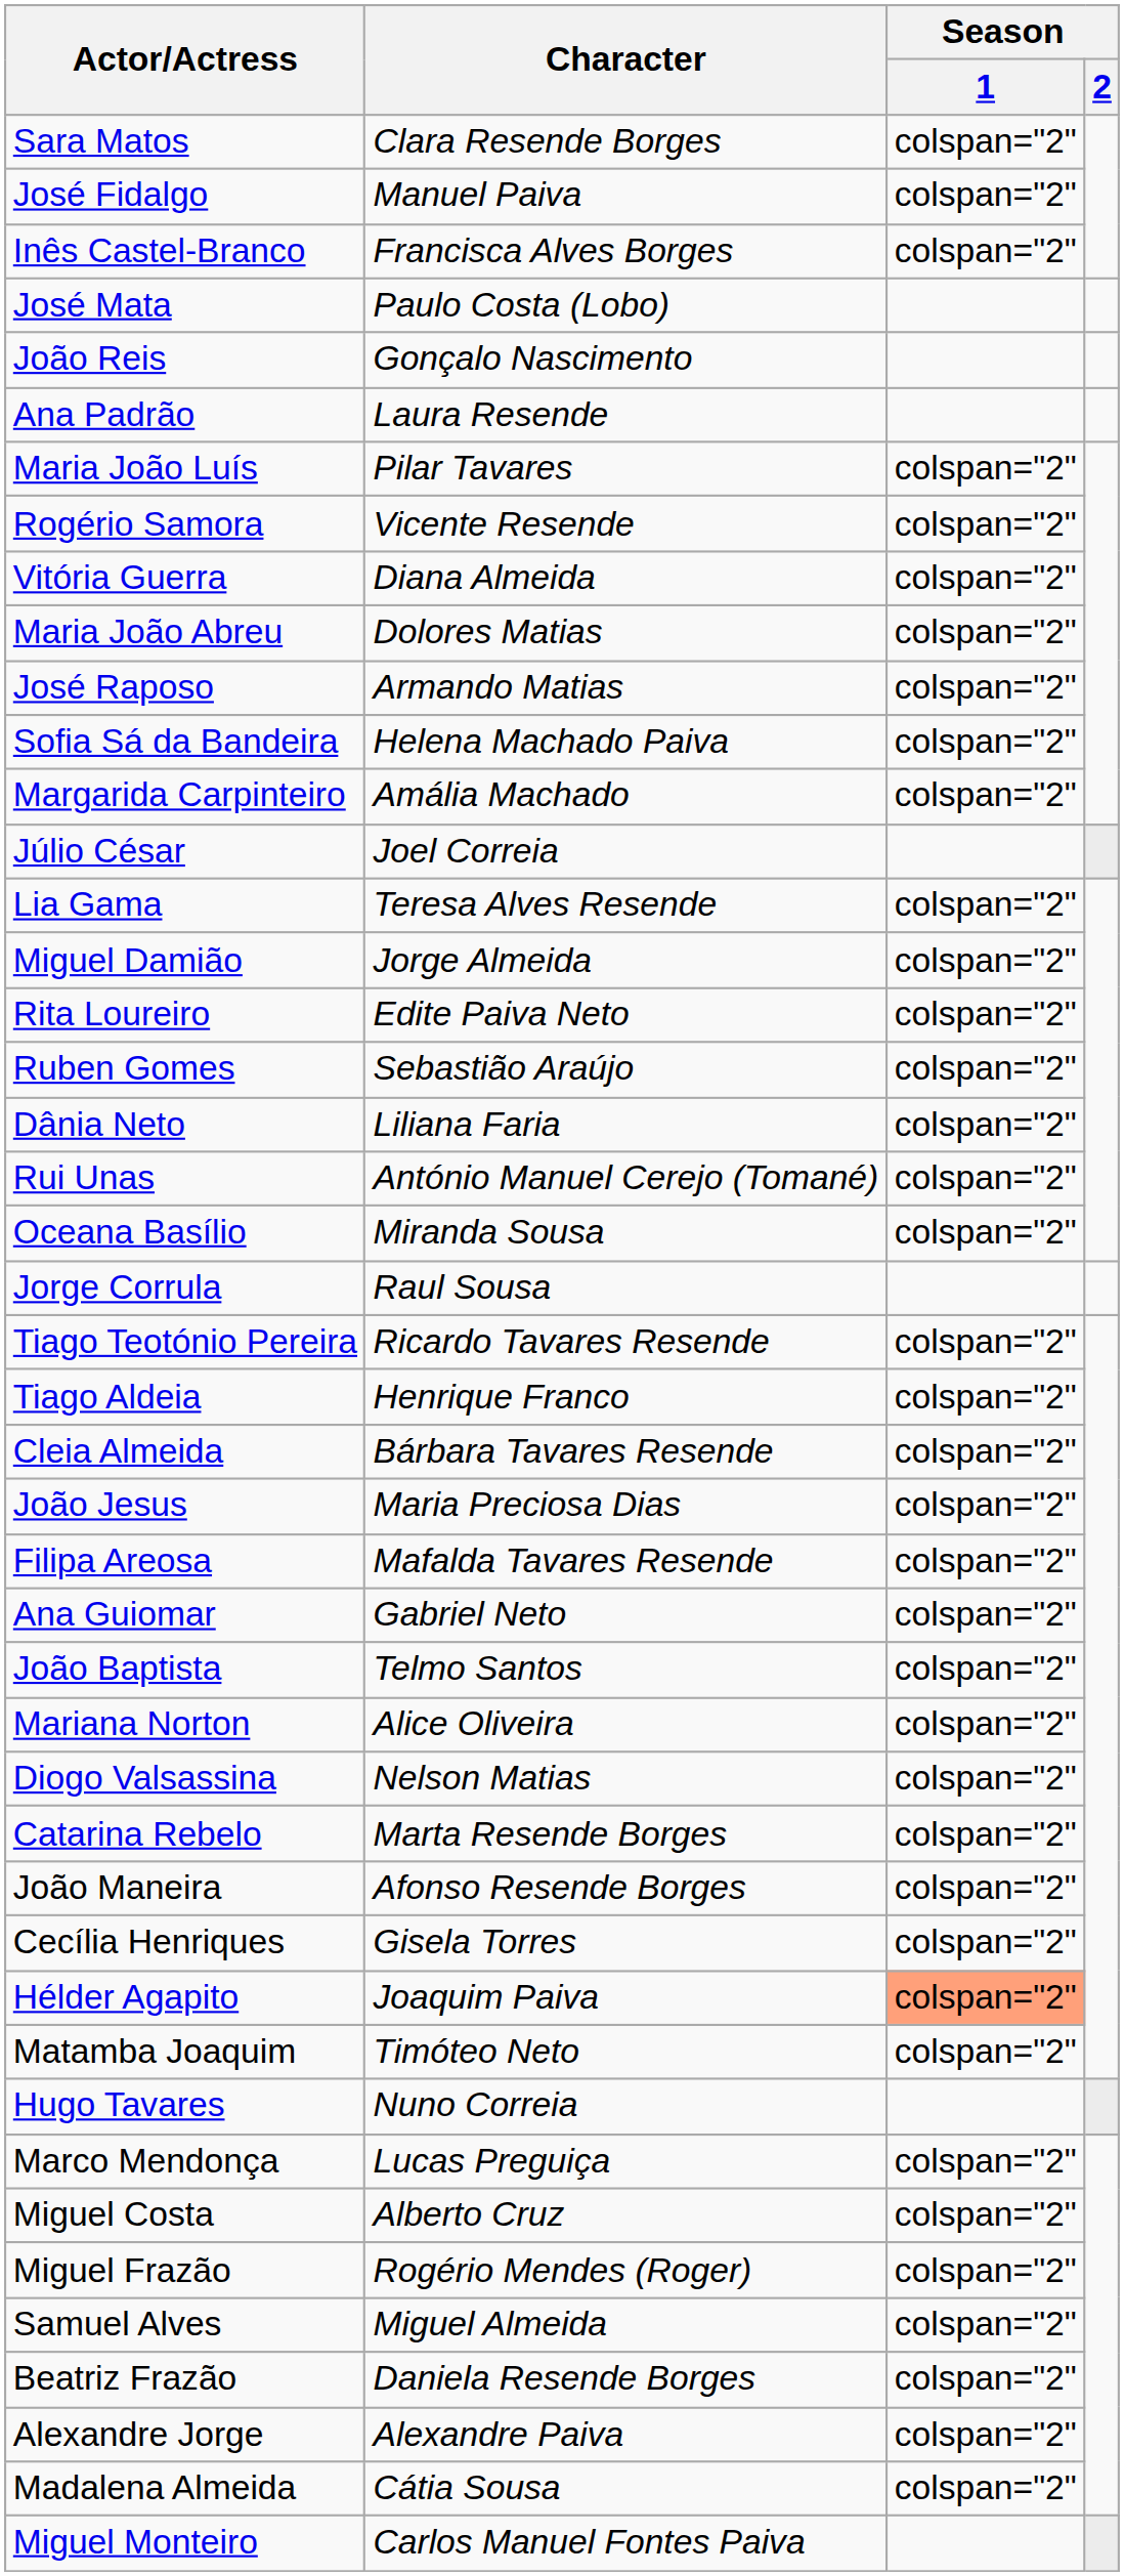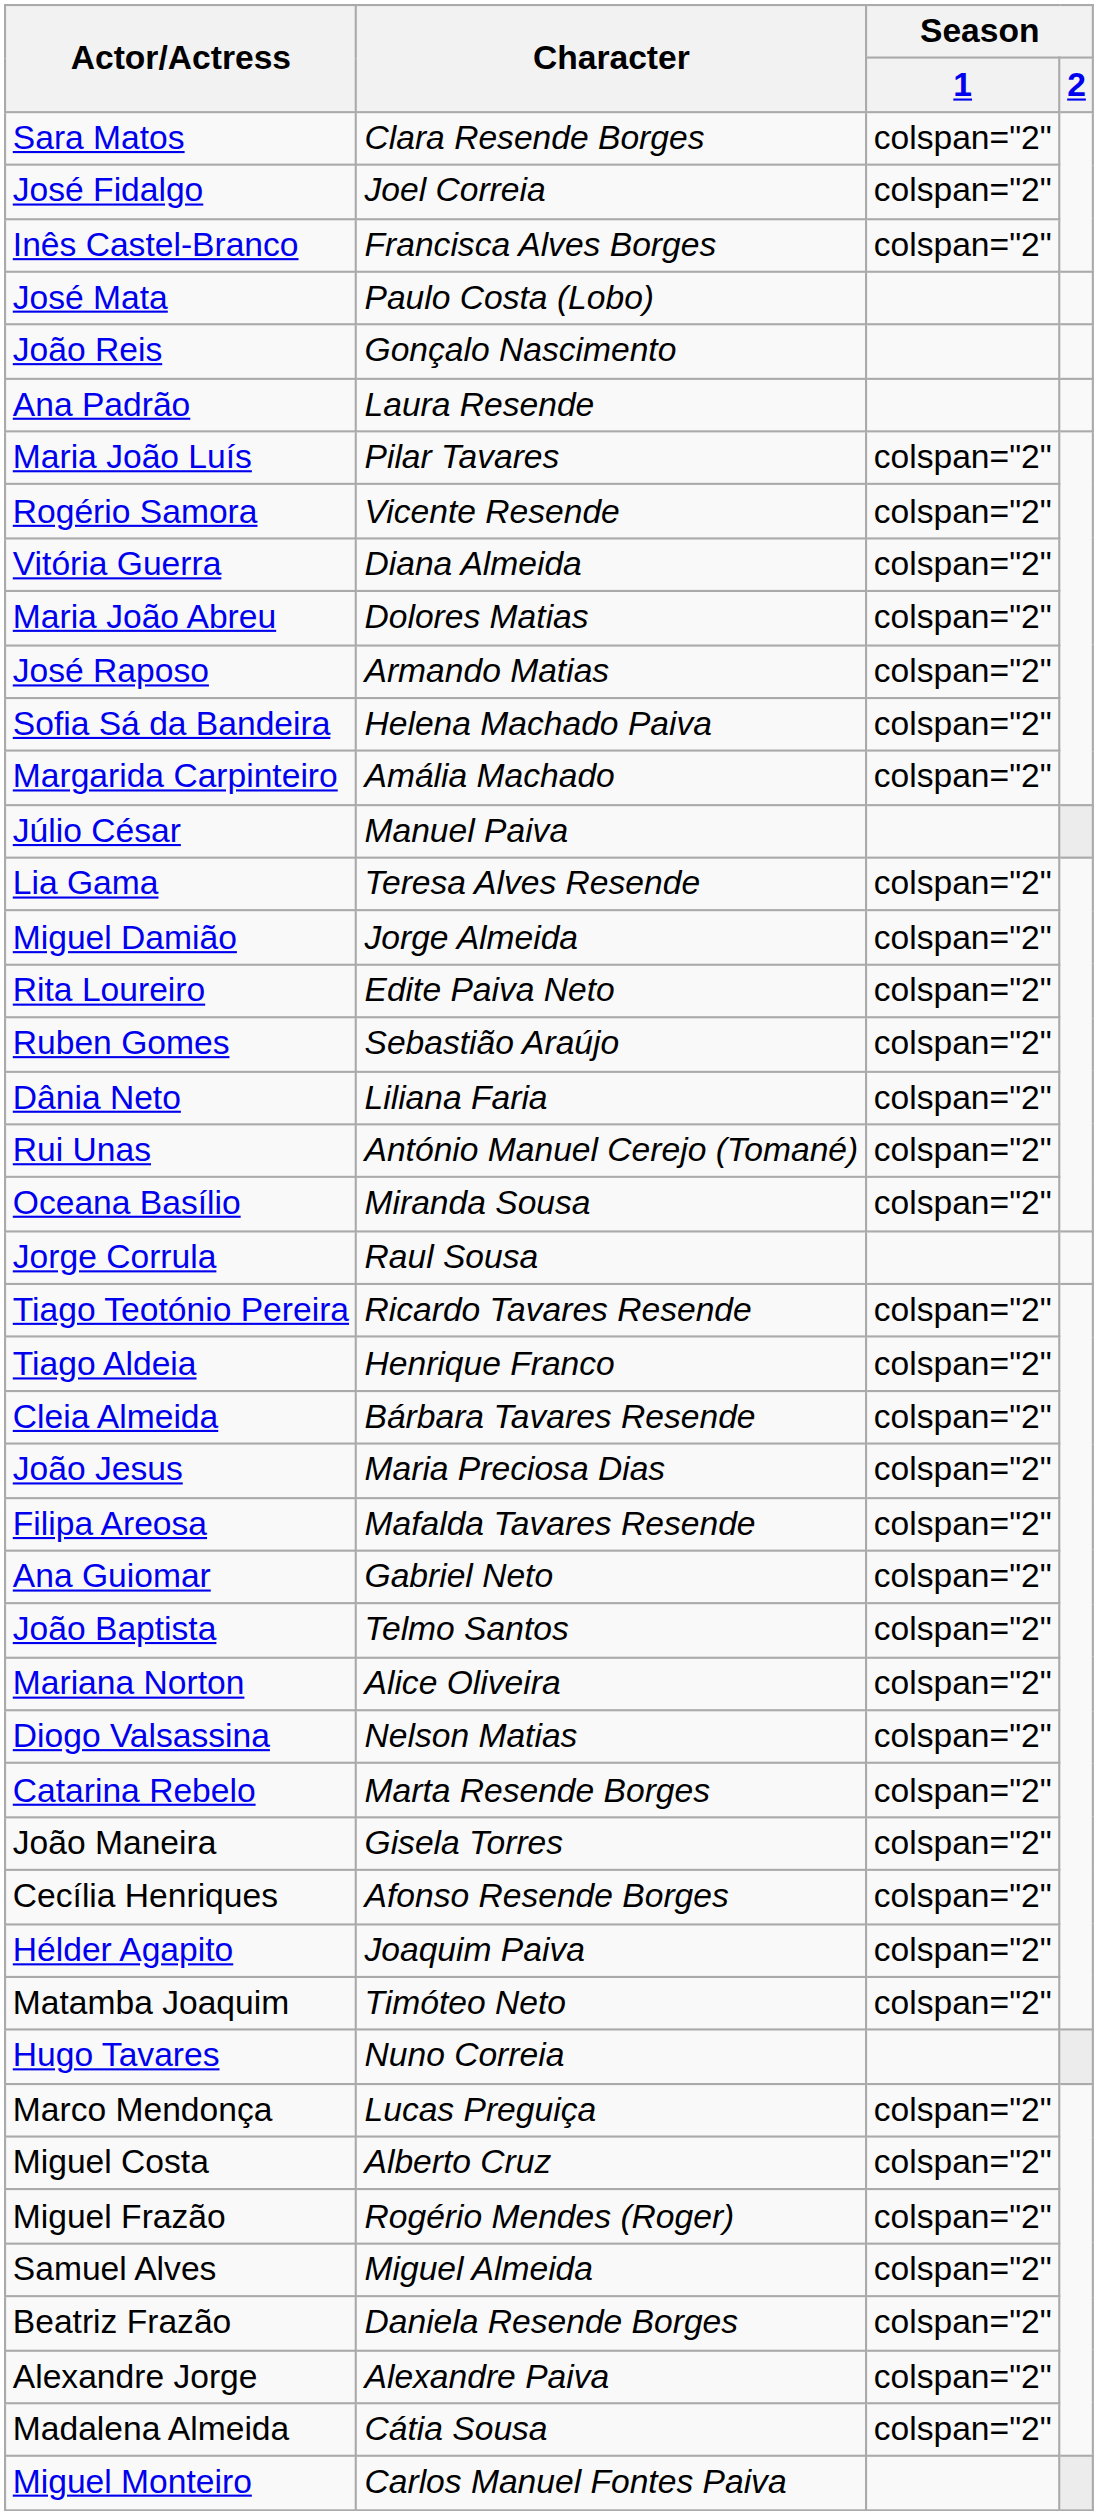 <table class="wikitable sortable">
 <tr>
 <th rowspan="2">Actor/Actress</th>
 <th rowspan="2">Character</th>
 <th colspan="3">Season</th>
 </tr>
 <tr>
 <th><a href='#'>1</a></th>
 <th><a href='#'>2</a></th>
 </tr>
 <tr>
 <td><a href='#'>Sara Matos</a></td>
 <td><em>Clara Resende Borges</em></td>
 <td>colspan="2" </td>
 </tr>
 <tr>
 <td><a href='#'>José Fidalgo</a></td>
-<td><em>Manuel Paiva</em></td>
+<td><em>Joel Correia</em></td>
 <td>colspan="2" </td>
 </tr>
 <tr>
 <td><a href='#'>Inês Castel-Branco</a></td>
 <td><em>Francisca Alves Borges</em></td>
 <td>colspan="2" </td>
 </tr>
 <tr>
 <td><a href='#'>José Mata</a></td>
 <td><em>Paulo Costa (Lobo)</em></td>
 <td></td>
 <td></td>
 </tr>
 <tr>
 <td><a href='#'>João Reis</a></td>
 <td><em>Gonçalo Nascimento</em></td>
 <td></td>
 <td></td>
 </tr>
 <tr>
 <td><a href='#'>Ana Padrão</a></td>
 <td><em>Laura Resende</em></td>
 <td></td>
 <td></td>
 </tr>
 <tr>
 <td><a href='#'>Maria João Luís</a></td>
 <td><em>Pilar Tavares</em></td>
 <td>colspan="2" </td>
 </tr>
 <tr>
 <td><a href='#'>Rogério Samora</a></td>
 <td><em>Vicente Resende</em></td>
 <td>colspan="2" </td>
 </tr>
 <tr>
 <td><a href='#'>Vitória Guerra</a></td>
 <td><em>Diana Almeida</em></td>
 <td>colspan="2" </td>
 </tr>
 <tr>
 <td><a href='#'>Maria João Abreu</a></td>
 <td><em>Dolores Matias</em></td>
 <td>colspan="2" </td>
 </tr>
 <tr>
 <td><a href='#'>José Raposo</a></td>
 <td><em>Armando Matias</em></td>
 <td>colspan="2" </td>
 </tr>
 <tr>
 <td><a href='#'>Sofia Sá da Bandeira</a></td>
 <td><em>Helena Machado Paiva</em></td>
 <td>colspan="2" </td>
 </tr>
 <tr>
 <td><a href='#'>Margarida Carpinteiro</a></td>
 <td><em>Amália Machado</em></td>
 <td>colspan="2" </td>
 </tr>
 <tr>
 <td><a href='#'>Júlio César</a></td>
-<td><em>Joel Correia</em></td>
+<td><em>Manuel Paiva</em></td>
 <td></td>
 <td style="background: #ececec"></td>
 </tr>
 <tr>
 <td><a href='#'>Lia Gama</a></td>
 <td><em>Teresa Alves Resende</em></td>
 <td>colspan="2" </td>
 </tr>
 <tr>
 <td><a href='#'>Miguel Damião</a></td>
 <td><em>Jorge Almeida</em></td>
 <td>colspan="2" </td>
 </tr>
 <tr>
 <td><a href='#'>Rita Loureiro</a></td>
 <td><em>Edite Paiva Neto</em></td>
 <td>colspan="2" </td>
 </tr>
 <tr>
 <td><a href='#'>Ruben Gomes</a></td>
 <td><em>Sebastião Araújo</em></td>
 <td>colspan="2" </td>
 </tr>
 <tr>
 <td><a href='#'>Dânia Neto</a></td>
 <td><em>Liliana Faria</em></td>
 <td>colspan="2" </td>
 </tr>
 <tr>
 <td><a href='#'>Rui Unas</a></td>
 <td><em>António Manuel Cerejo (Tomané)</em></td>
 <td>colspan="2" </td>
 </tr>
 <tr>
 <td><a href='#'>Oceana Basílio</a></td>
 <td><em>Miranda Sousa</em></td>
 <td>colspan="2" </td>
 </tr>
 <tr>
 <td><a href='#'>Jorge Corrula</a></td>
 <td><em>Raul Sousa</em></td>
 <td></td>
 <td></td>
 </tr>
 <tr>
 <td><a href='#'>Tiago Teotónio Pereira</a></td>
 <td><em>Ricardo Tavares Resende</em></td>
 <td>colspan="2" </td>
 </tr>
 <tr>
 <td><a href='#'>Tiago Aldeia</a></td>
 <td><em>Henrique Franco</em></td>
 <td>colspan="2" </td>
 </tr>
 <tr>
 <td><a href='#'>Cleia Almeida</a></td>
 <td><em>Bárbara Tavares Resende</em></td>
 <td>colspan="2" </td>
 </tr>
 <tr>
 <td><a href='#'>João Jesus</a></td>
 <td><em>Maria Preciosa Dias</em></td>
 <td>colspan="2" </td>
 </tr>
 <tr>
 <td><a href='#'>Filipa Areosa</a></td>
 <td><em>Mafalda Tavares Resende</em></td>
 <td>colspan="2" </td>
 </tr>
 <tr>
 <td><a href='#'>Ana Guiomar</a></td>
 <td><em>Gabriel Neto</em></td>
 <td>colspan="2" </td>
 </tr>
 <tr>
 <td><a href='#'>João Baptista</a></td>
 <td><em>Telmo Santos</em></td>
 <td>colspan="2" </td>
 </tr>
 <tr>
 <td><a href='#'>Mariana Norton</a></td>
 <td><em>Alice Oliveira</em></td>
 <td>colspan="2" </td>
 </tr>
 <tr>
 <td><a href='#'>Diogo Valsassina</a></td>
 <td><em>Nelson Matias</em></td>
 <td>colspan="2" </td>
 </tr>
 <tr>
 <td><a href='#'>Catarina Rebelo</a></td>
 <td><em>Marta Resende Borges</em></td>
 <td>colspan="2" </td>
 </tr>
 <tr>
 <td>João Maneira</td>
-<td><em>Afonso Resende Borges</em></td>
+<td><em>Gisela Torres</em></td>
 <td>colspan="2" </td>
 </tr>
 <tr>
 <td>Cecília Henriques</td>
-<td><em>Gisela Torres</em></td>
+<td><em>Afonso Resende Borges</em></td>
 <td>colspan="2" </td>
 </tr>
 <tr>
 <td><a href='#'>Hélder Agapito</a></td>
 <td><em>Joaquim Paiva</em></td>
-<td style="background: lightsalmon;">colspan="2" </td>
+<td>colspan="2" </td>
 </tr>
 <tr>
 <td>Matamba Joaquim</td>
 <td><em>Timóteo Neto</em></td>
 <td>colspan="2" </td>
 </tr>
 <tr>
 <td><a href='#'>Hugo Tavares</a></td>
 <td><em>Nuno Correia</em></td>
 <td></td>
 <td style="background: #ececec"></td>
 </tr>
 <tr>
 <td>Marco Mendonça</td>
 <td><em>Lucas Preguiça</em></td>
 <td>colspan="2" </td>
 </tr>
 <tr>
 <td>Miguel Costa</td>
 <td><em>Alberto Cruz</em></td>
 <td>colspan="2" </td>
 </tr>
 <tr>
 <td>Miguel Frazão</td>
 <td><em>Rogério Mendes (Roger)</em></td>
 <td>colspan="2" </td>
 </tr>
 <tr>
 <td>Samuel Alves</td>
 <td><em>Miguel Almeida</em></td>
 <td>colspan="2" </td>
 </tr>
 <tr>
 <td>Beatriz Frazão</td>
 <td><em>Daniela Resende Borges</em></td>
 <td>colspan="2" </td>
 </tr>
 <tr>
 <td>Alexandre Jorge</td>
 <td><em>Alexandre Paiva</em></td>
 <td>colspan="2" </td>
 </tr>
 <tr>
 <td>Madalena Almeida</td>
 <td><em>Cátia Sousa</em></td>
 <td>colspan="2" </td>
 </tr>
 <tr>
 <td><a href='#'>Miguel Monteiro</a></td>
 <td><em>Carlos Manuel Fontes Paiva</em></td>
 <td></td>
 <td style="background: #ececec"></td>
 </tr>
 </table>
